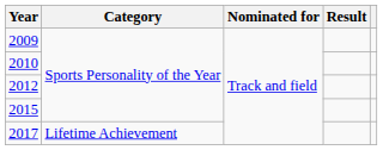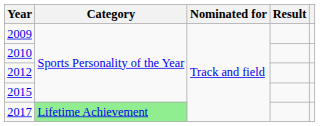 <table class="wikitable plainrowheaders">
 <tr>
 <th scope="col">Year</th>
 <th scope="col">Category</th>
 <th scope="col">Nominated for</th>
 <th scope="col">Result</th>
 <th scope="col"></th>
 </tr>
 <tr>
 <td align="center"><a href='#'>2009</a></td>
 <td rowspan = "4"><a href='#'>Sports Personality of the Year</a></td>
 <td rowspan = "5"><a href='#'>Track and field</a></td>
 <td></td>
 <td></td>
 </tr>
 <tr>
 <td align="center"><a href='#'>2010</a></td>
 <td></td>
 <td></td>
 </tr>
 <tr>
 <td align="center"><a href='#'>2012</a></td>
 <td></td>
 <td></td>
 </tr>
 <tr>
 <td align="center"><a href='#'>2015</a></td>
 <td></td>
 <td></td>
 </tr>
 <tr>
 <td align="center"><a href='#'>2017</a></td>
-<td><a href='#'>Lifetime Achievement</a></td>
+<td style="background: lightgreen;"><a href='#'>Lifetime Achievement</a></td>
 <td></td>
 <td></td>
 </tr>
 </table>
